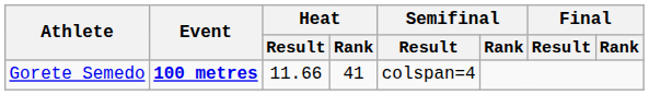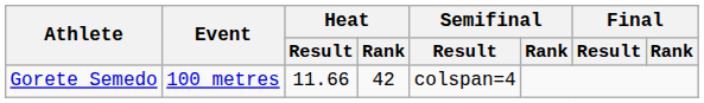 <table class="wikitable" style="font-size:90%">
 <tr>
 <th rowspan="2">Athlete</th>
 <th rowspan="2">Event</th>
 <th colspan="2">Heat</th>
 <th colspan="2">Semifinal</th>
 <th colspan="2">Final</th>
 </tr>
 <tr style="font-size:95%">
 <th>Result</th>
 <th>Rank</th>
 <th>Result</th>
 <th>Rank</th>
 <th>Result</th>
 <th>Rank</th>
 </tr>
 <tr style=text-align:center>
 <td style=text-align:left><a href='#'>Gorete Semedo</a></td>
-<td style=text-align:left><strong><a href='#'>100 metres</a></strong></td>
+<td style=text-align:left><a href='#'>100 metres</a></td>
 <td>11.66 </td>
-<td>41</td>
+<td>42</td>
 <td>colspan=4 </td>
 </tr>
 </table>
